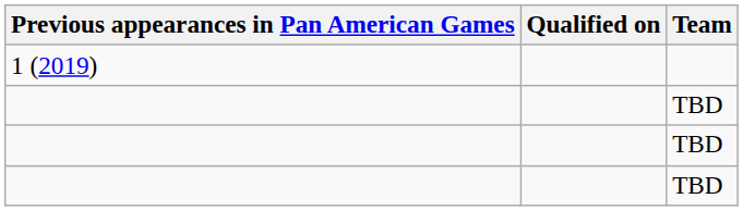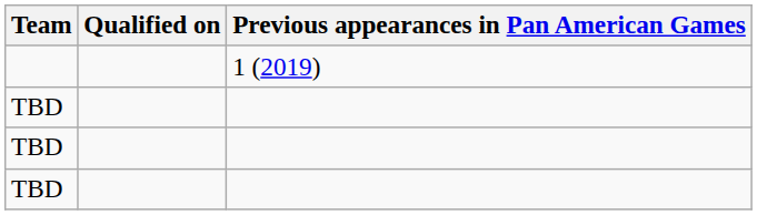 <table class="wikitable sortable">
 <tr>
+<th>Team</th>
+<th>Qualified on</th>
 <th data-sort-type="number">Previous appearances in <a href='#'>Pan American Games</a></th>
-<th>Qualified on</th>
-<th>Team</th>
 </tr>
 <tr>
+<td></td>
+<td></td>
 <td>1 (<a href='#'>2019</a>)</td>
+</tr>
+<tr>
+<td>TBD</td>
 <td></td>
 <td></td>
 </tr>
 <tr>
+<td>TBD</td>
 <td></td>
 <td></td>
-<td>TBD</td>
 </tr>
 <tr>
+<td>TBD</td>
 <td></td>
 <td></td>
-<td>TBD</td>
-</tr>
-<tr>
-<td></td>
-<td></td>
-<td>TBD</td>
 </tr>
 </table>
